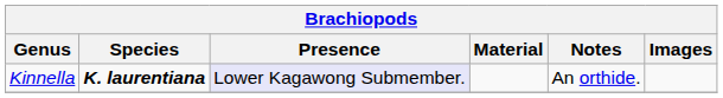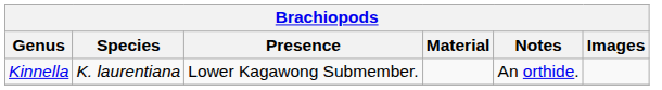 <table class="wikitable" align="center">
 <tr>
 <th colspan="6" align="center"><strong><a href='#'>Brachiopods</a></strong></th>
 </tr>
 <tr>
 <th>Genus</th>
 <th>Species</th>
 <th>Presence</th>
 <th><strong>Material</strong></th>
 <th>Notes</th>
 <th>Images</th>
 </tr>
 <tr>
 <td><em><a href='#'>Kinnella</a></em></td>
-<td><strong><em>K. laurentiana</em></strong></td>
-<td style="background: lavender;">Lower Kagawong Submember.</td>
+<td><em>K. laurentiana</em></td>
+<td>Lower Kagawong Submember.</td>
 <td></td>
 <td>An <a href='#'>orthide</a>.</td>
 <td></td>
 </tr>
 <tr>
 </tr>
 </table>
